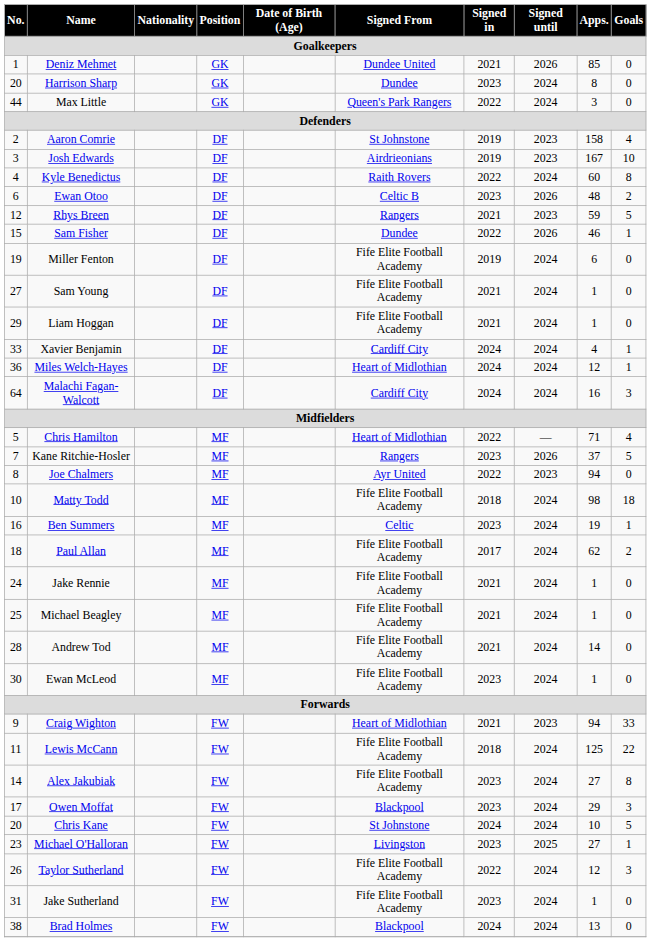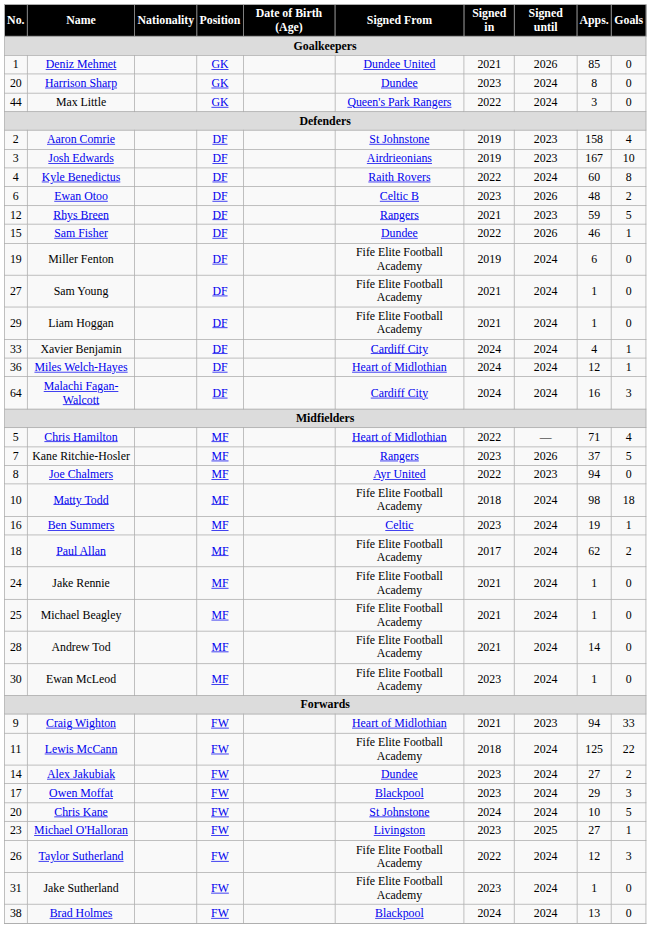 <table class="wikitable"  style="text-align:center">
 <tr>
 <th style="background:#000000; color:white; text-align:center;">No.</th>
 <th style="background:#000000; color:white; text-align:center;">Name</th>
 <th style="background:#000000; color:white; text-align:center;">Nationality</th>
 <th style="background:#000000; color:white; text-align:center;">Position</th>
 <th style="background:#000000; color:white; text-align:center;">Date of Birth (Age)</th>
 <th style="background:#000000; color:white; text-align:center;">Signed From</th>
 <th style="background:#000000; color:white; text-align:center;">Signed in</th>
 <th style="background:#000000; color:white; text-align:center;">Signed until</th>
 <th style="background:#000000; color:white; text-align:center;">Apps.</th>
 <th style="background:#000000; color:white; te13xt-align:center;">Goals</th>
 </tr>
 <tr>
 <th colspan="10" style="background:#dcdcdc; text-align:center;">Goalkeepers</th>
 </tr>
 <tr>
 <td>1</td>
 <td><a href='#'>Deniz Mehmet</a></td>
 <td></td>
 <td><a href='#'>GK</a></td>
 <td></td>
 <td><a href='#'>Dundee United</a></td>
 <td>2021</td>
 <td>2026</td>
 <td>85</td>
 <td>0</td>
 </tr>
 <tr>
 <td>20</td>
 <td><a href='#'>Harrison Sharp</a></td>
 <td></td>
 <td><a href='#'>GK</a></td>
 <td></td>
 <td><a href='#'>Dundee</a></td>
 <td>2023</td>
 <td>2024</td>
 <td>8</td>
 <td>0</td>
 </tr>
 <tr>
 <td>44</td>
 <td>Max Little</td>
 <td></td>
 <td><a href='#'>GK</a></td>
 <td></td>
 <td><a href='#'>Queen's Park Rangers</a></td>
 <td>2022</td>
 <td>2024</td>
 <td>3</td>
 <td>0</td>
 </tr>
 <tr>
 <th colspan="10" style="background:#dcdcdc; text-align:center;">Defenders</th>
 </tr>
 <tr>
 <td>2</td>
 <td><a href='#'>Aaron Comrie</a></td>
 <td></td>
 <td><a href='#'>DF</a></td>
 <td></td>
 <td><a href='#'>St Johnstone</a></td>
 <td>2019</td>
 <td>2023</td>
 <td>158</td>
 <td>4</td>
 </tr>
 <tr>
 <td>3</td>
 <td><a href='#'>Josh Edwards</a></td>
 <td></td>
 <td><a href='#'>DF</a></td>
 <td></td>
 <td><a href='#'>Airdrieonians</a></td>
 <td>2019</td>
 <td>2023</td>
 <td>167</td>
 <td>10</td>
 </tr>
 <tr>
 <td>4</td>
 <td><a href='#'>Kyle Benedictus</a></td>
 <td></td>
 <td><a href='#'>DF</a></td>
 <td></td>
 <td><a href='#'>Raith Rovers</a></td>
 <td>2022</td>
 <td>2024</td>
 <td>60</td>
 <td>8</td>
 </tr>
 <tr>
 <td>6</td>
 <td><a href='#'>Ewan Otoo</a></td>
 <td></td>
 <td><a href='#'>DF</a></td>
 <td></td>
 <td><a href='#'>Celtic B</a></td>
 <td>2023</td>
 <td>2026</td>
 <td>48</td>
 <td>2</td>
 </tr>
 <tr>
 <td>12</td>
 <td><a href='#'>Rhys Breen</a></td>
 <td></td>
 <td><a href='#'>DF</a></td>
 <td></td>
 <td><a href='#'>Rangers</a></td>
 <td>2021</td>
 <td>2023</td>
 <td>59</td>
 <td>5</td>
 </tr>
 <tr>
 <td>15</td>
 <td><a href='#'>Sam Fisher</a></td>
 <td></td>
 <td><a href='#'>DF</a></td>
 <td></td>
 <td><a href='#'>Dundee</a></td>
 <td>2022</td>
 <td>2026</td>
 <td>46</td>
 <td>1</td>
 </tr>
 <tr>
 <td>19</td>
 <td>Miller Fenton</td>
 <td></td>
 <td><a href='#'>DF</a></td>
 <td></td>
 <td>Fife Elite Football Academy</td>
 <td>2019</td>
 <td>2024</td>
 <td>6</td>
 <td>0</td>
 </tr>
 <tr>
 <td>27</td>
 <td>Sam Young</td>
 <td></td>
 <td><a href='#'>DF</a></td>
 <td></td>
 <td>Fife Elite Football Academy</td>
 <td>2021</td>
 <td>2024</td>
 <td>1</td>
 <td>0</td>
 </tr>
 <tr>
 <td>29</td>
 <td>Liam Hoggan</td>
 <td></td>
 <td><a href='#'>DF</a></td>
 <td></td>
 <td>Fife Elite Football Academy</td>
 <td>2021</td>
 <td>2024</td>
 <td>1</td>
 <td>0</td>
 </tr>
 <tr>
 <td>33</td>
 <td>Xavier Benjamin</td>
 <td></td>
 <td><a href='#'>DF</a></td>
 <td></td>
 <td><a href='#'>Cardiff City</a></td>
 <td>2024</td>
 <td>2024</td>
 <td>4</td>
 <td>1</td>
 </tr>
 <tr>
 <td>36</td>
 <td><a href='#'>Miles Welch-Hayes</a></td>
 <td></td>
 <td><a href='#'>DF</a></td>
 <td></td>
 <td><a href='#'>Heart of Midlothian</a></td>
 <td>2024</td>
 <td>2024</td>
 <td>12</td>
 <td>1</td>
 </tr>
 <tr>
 <td>64</td>
 <td><a href='#'>Malachi Fagan-Walcott</a></td>
 <td></td>
 <td><a href='#'>DF</a></td>
 <td></td>
 <td><a href='#'>Cardiff City</a></td>
 <td>2024</td>
 <td>2024</td>
 <td>16</td>
 <td>3</td>
 </tr>
 <tr>
 <th colspan="10" style="background:#dcdcdc; text-align:center;">Midfielders</th>
 </tr>
 <tr>
 <td>5</td>
 <td><a href='#'>Chris Hamilton</a></td>
 <td></td>
 <td><a href='#'>MF</a></td>
 <td></td>
 <td><a href='#'>Heart of Midlothian</a></td>
 <td>2022</td>
 <td>—</td>
 <td>71</td>
 <td>4</td>
 </tr>
 <tr>
 <td>7</td>
 <td>Kane Ritchie-Hosler</td>
 <td></td>
 <td><a href='#'>MF</a></td>
 <td></td>
 <td><a href='#'>Rangers</a></td>
 <td>2023</td>
 <td>2026</td>
 <td>37</td>
 <td>5</td>
 </tr>
 <tr>
 <td>8</td>
 <td><a href='#'>Joe Chalmers</a></td>
 <td></td>
 <td><a href='#'>MF</a></td>
 <td></td>
 <td><a href='#'>Ayr United</a></td>
 <td>2022</td>
 <td>2023</td>
 <td>94</td>
 <td>0</td>
 </tr>
 <tr>
 <td>10</td>
 <td><a href='#'>Matty Todd</a></td>
 <td></td>
 <td><a href='#'>MF</a></td>
 <td></td>
 <td>Fife Elite Football Academy</td>
 <td>2018</td>
 <td>2024</td>
 <td>98</td>
 <td>18</td>
 </tr>
 <tr>
 <td>16</td>
 <td><a href='#'>Ben Summers</a></td>
 <td></td>
 <td><a href='#'>MF</a></td>
 <td></td>
 <td><a href='#'>Celtic</a></td>
 <td>2023</td>
 <td>2024</td>
 <td>19</td>
 <td>1</td>
 </tr>
 <tr>
 <td>18</td>
 <td><a href='#'>Paul Allan</a></td>
 <td></td>
 <td><a href='#'>MF</a></td>
 <td></td>
 <td>Fife Elite Football Academy</td>
 <td>2017</td>
 <td>2024</td>
 <td>62</td>
 <td>2</td>
 </tr>
 <tr>
 <td>24</td>
 <td>Jake Rennie</td>
 <td></td>
 <td><a href='#'>MF</a></td>
 <td></td>
 <td>Fife Elite Football Academy</td>
 <td>2021</td>
 <td>2024</td>
 <td>1</td>
 <td>0</td>
 </tr>
 <tr>
 <td>25</td>
 <td>Michael Beagley</td>
 <td></td>
 <td><a href='#'>MF</a></td>
 <td></td>
 <td>Fife Elite Football Academy</td>
 <td>2021</td>
 <td>2024</td>
 <td>1</td>
 <td>0</td>
 </tr>
 <tr>
 <td>28</td>
 <td>Andrew Tod</td>
 <td></td>
 <td><a href='#'>MF</a></td>
 <td></td>
 <td>Fife Elite Football Academy</td>
 <td>2021</td>
 <td>2024</td>
 <td>14</td>
 <td>0</td>
 </tr>
 <tr>
 <td>30</td>
 <td>Ewan McLeod</td>
 <td></td>
 <td><a href='#'>MF</a></td>
 <td></td>
 <td>Fife Elite Football Academy</td>
 <td>2023</td>
 <td>2024</td>
 <td>1</td>
 <td>0</td>
 </tr>
 <tr>
 <th colspan="10" style="background:#dcdcdc; text-align:center;"><strong>Forwards</strong></th>
 </tr>
 <tr>
 <td>9</td>
 <td><a href='#'>Craig Wighton</a></td>
 <td></td>
 <td><a href='#'>FW</a></td>
 <td></td>
 <td><a href='#'>Heart of Midlothian</a></td>
 <td>2021</td>
 <td>2023</td>
 <td>94</td>
 <td>33</td>
 </tr>
 <tr>
 <td>11</td>
 <td><a href='#'>Lewis McCann</a></td>
 <td></td>
 <td><a href='#'>FW</a></td>
 <td></td>
 <td>Fife Elite Football Academy</td>
 <td>2018</td>
 <td>2024</td>
 <td>125</td>
 <td>22</td>
 </tr>
 <tr>
 <td>14</td>
 <td><a href='#'>Alex Jakubiak</a></td>
 <td></td>
 <td><a href='#'>FW</a></td>
 <td></td>
-<td>Fife Elite Football Academy</td>
+<td><a href='#'>Dundee</a></td>
 <td>2023</td>
 <td>2024</td>
 <td>27</td>
-<td>8</td>
+<td>2</td>
 </tr>
 <tr>
 <td>17</td>
 <td><a href='#'>Owen Moffat</a></td>
 <td></td>
 <td><a href='#'>FW</a></td>
 <td></td>
 <td><a href='#'>Blackpool</a></td>
 <td>2023</td>
 <td>2024</td>
 <td>29</td>
 <td>3</td>
 </tr>
 <tr>
 <td>20</td>
 <td><a href='#'>Chris Kane</a></td>
 <td></td>
 <td><a href='#'>FW</a></td>
 <td></td>
 <td><a href='#'>St Johnstone</a></td>
 <td>2024</td>
 <td>2024</td>
 <td>10</td>
 <td>5</td>
 </tr>
 <tr>
 <td>23</td>
 <td><a href='#'>Michael O'Halloran</a></td>
 <td></td>
 <td><a href='#'>FW</a></td>
 <td></td>
 <td><a href='#'>Livingston</a></td>
 <td>2023</td>
 <td>2025</td>
 <td>27</td>
 <td>1</td>
 </tr>
 <tr>
 <td>26</td>
 <td><a href='#'>Taylor Sutherland</a></td>
 <td></td>
 <td><a href='#'>FW</a></td>
 <td></td>
 <td>Fife Elite Football Academy</td>
 <td>2022</td>
 <td>2024</td>
 <td>12</td>
 <td>3</td>
 </tr>
 <tr>
 <td>31</td>
 <td>Jake Sutherland</td>
 <td></td>
 <td><a href='#'>FW</a></td>
 <td></td>
 <td>Fife Elite Football Academy</td>
 <td>2023</td>
 <td>2024</td>
 <td>1</td>
 <td>0</td>
 </tr>
 <tr>
 <td>38</td>
 <td><a href='#'>Brad Holmes</a></td>
 <td></td>
 <td><a href='#'>FW</a></td>
 <td></td>
 <td><a href='#'>Blackpool</a></td>
 <td>2024</td>
 <td>2024</td>
 <td>13</td>
 <td>0</td>
 </tr>
 <tr>
 </tr>
 </table>
